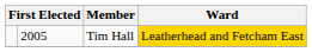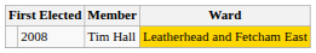 <table class="wikitable">
 <tr>
 <th colspan="2">First Elected</th>
 <th>Member</th>
 <th>Ward</th>
 </tr>
 <tr>
 <td style="background-color: "></td>
-<td>2005</td>
+<td>2008</td>
 <td>Tim Hall</td>
 <td style="background: gold;">Leatherhead and Fetcham East</td>
 </tr>
 <tr>
 </tr>
 </table>
